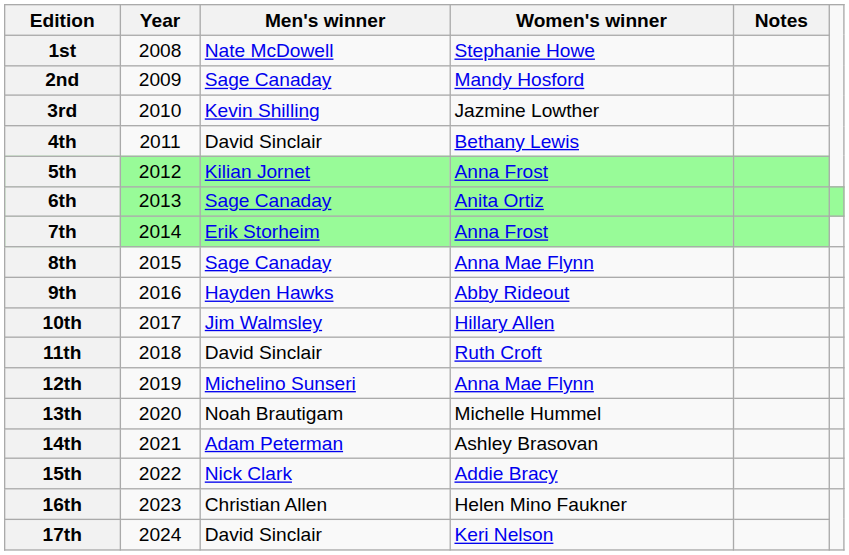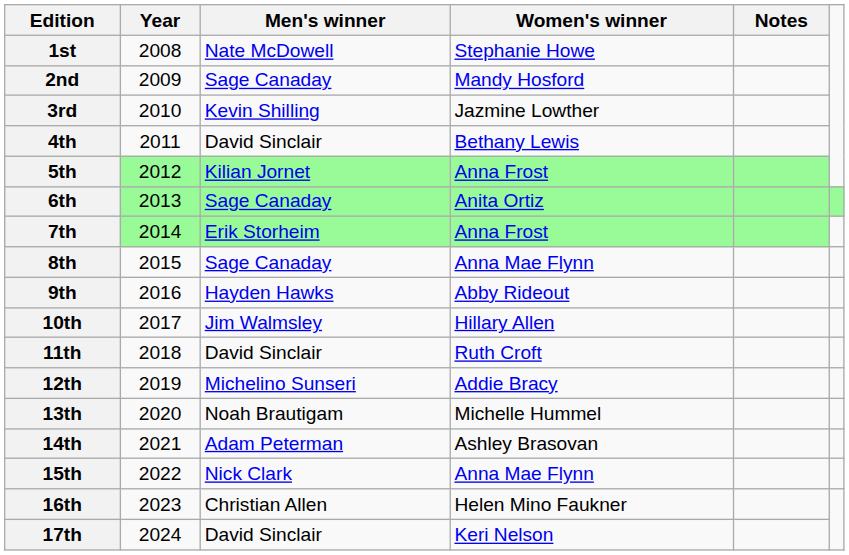 <table class="wikitable" width=50%  style="font-size:90%; text-align:center;">
 <tr>
 <th>Edition</th>
 <th>Year</th>
 <th>Men's winner</th>
 <th>Women's winner</th>
 <th>Notes</th>
 </tr>
 <tr>
 <th>1st</th>
 <td>2008</td>
 <td align=left> <a href='#'>Nate McDowell</a></td>
 <td align=left> <a href='#'>Stephanie Howe</a></td>
 <td></td>
 </tr>
 <tr>
 <th>2nd</th>
 <td>2009</td>
 <td align=left> <a href='#'>Sage Canaday</a></td>
 <td align=left> <a href='#'>Mandy Hosford</a></td>
 <td></td>
 </tr>
 <tr>
 <th>3rd</th>
 <td>2010</td>
 <td align=left> <a href='#'>Kevin Shilling</a></td>
 <td align=left> Jazmine Lowther</td>
 <td></td>
 </tr>
 <tr>
 <th>4th</th>
 <td>2011</td>
 <td align=left> David Sinclair</td>
 <td align=left> <a href='#'>Bethany Lewis</a></td>
 <td></td>
 </tr>
 <tr bgcolor=palegreen>
 <th>5th</th>
 <td>2012</td>
 <td align=left> <a href='#'>Kilian Jornet</a></td>
 <td align=left> <a href='#'>Anna Frost</a></td>
 <td></td>
 </tr>
 <tr bgcolor=palegreen>
 <th>6th</th>
 <td>2013</td>
 <td align=left> <a href='#'>Sage Canaday</a></td>
 <td align=left> <a href='#'>Anita Ortiz</a></td>
 <td></td>
 <td></td>
 </tr>
 <tr bgcolor=palegreen>
 <th>7th</th>
 <td>2014</td>
 <td align=left> <a href='#'>Erik Storheim</a></td>
 <td align=left> <a href='#'>Anna Frost</a></td>
 <td></td>
 </tr>
 <tr>
 <th>8th</th>
 <td>2015</td>
 <td align=left> <a href='#'>Sage Canaday</a></td>
 <td align=left> <a href='#'>Anna Mae Flynn</a></td>
 <td></td>
 <td></td>
 </tr>
 <tr>
 <th>9th</th>
 <td>2016</td>
 <td align=left> <a href='#'>Hayden Hawks</a></td>
 <td align=left> <a href='#'>Abby Rideout</a></td>
 <td></td>
 <td></td>
 </tr>
 <tr>
 <th>10th</th>
 <td>2017</td>
 <td align=left> <a href='#'>Jim Walmsley</a></td>
 <td align=left> <a href='#'>Hillary Allen</a></td>
 <td></td>
 <td></td>
 </tr>
 <tr>
 <th>11th</th>
 <td>2018</td>
 <td align=left> David Sinclair</td>
 <td align=left> <a href='#'>Ruth Croft</a></td>
 <td></td>
 </tr>
 <tr>
 <th>12th</th>
 <td>2019</td>
 <td align=left> <a href='#'>Michelino Sunseri</a></td>
-<td align=left> <a href='#'>Anna Mae Flynn</a></td>
+<td align=left> <a href='#'>Addie Bracy</a></td>
 <td></td>
 <td></td>
 </tr>
 <tr>
 <th>13th</th>
 <td>2020</td>
 <td align=left> Noah Brautigam</td>
 <td align=left> Michelle Hummel</td>
 <td></td>
 <td></td>
 </tr>
 <tr>
 <th>14th</th>
 <td>2021</td>
 <td align=left> <a href='#'>Adam Peterman</a></td>
 <td align=left> Ashley Brasovan</td>
 <td></td>
 <td></td>
 </tr>
 <tr>
 <th>15th</th>
 <td>2022</td>
 <td align=left> <a href='#'>Nick Clark</a></td>
-<td align=left> <a href='#'>Addie Bracy</a></td>
+<td align=left> <a href='#'>Anna Mae Flynn</a></td>
 <td></td>
 <td></td>
 </tr>
 <tr>
 <th>16th</th>
 <td>2023</td>
 <td align=left> Christian Allen</td>
 <td align=left> Helen Mino Faukner</td>
 <td></td>
 </tr>
 <tr>
 <th>17th</th>
 <td>2024</td>
 <td align=left> David Sinclair</td>
 <td align=left> <a href='#'>Keri Nelson</a></td>
 <td></td>
 </tr>
 </table>
